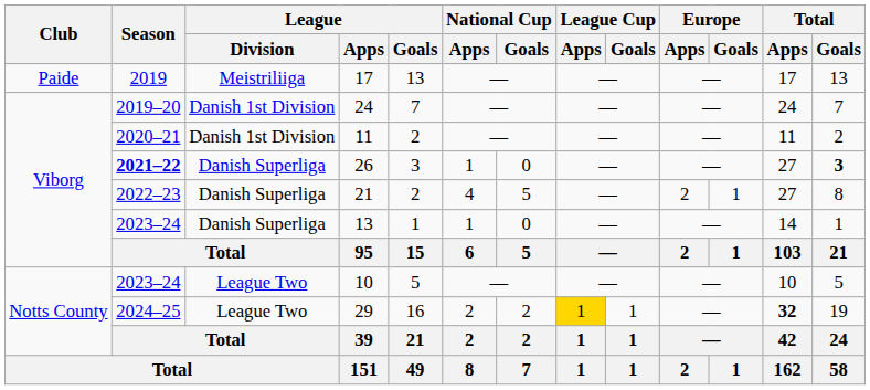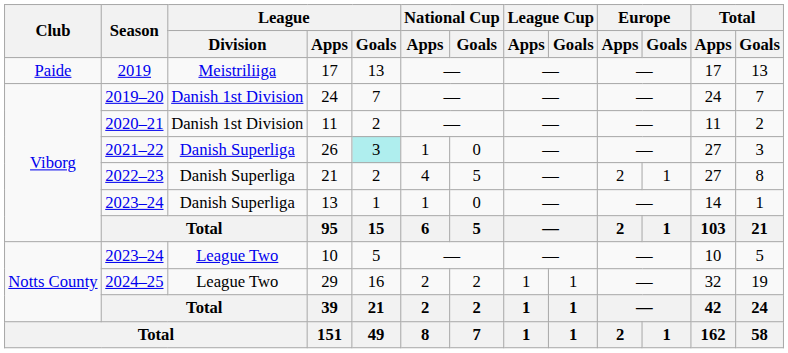 <table class="wikitable" style="text-align:center">
 <tr>
 <th rowspan="2">Club</th>
 <th rowspan="2">Season</th>
 <th colspan="3">League</th>
 <th colspan="2">National Cup</th>
 <th colspan="2">League Cup</th>
 <th colspan="2">Europe</th>
 <th colspan="2">Total</th>
 </tr>
 <tr>
 <th>Division</th>
 <th>Apps</th>
 <th>Goals</th>
 <th>Apps</th>
 <th>Goals</th>
 <th>Apps</th>
 <th>Goals</th>
 <th>Apps</th>
 <th>Goals</th>
 <th>Apps</th>
 <th>Goals</th>
 </tr>
 <tr>
 <td><a href='#'>Paide</a></td>
 <td><a href='#'>2019</a></td>
 <td><a href='#'>Meistriliiga</a></td>
 <td>17</td>
 <td>13</td>
 <td colspan="2">—</td>
 <td colspan="2">—</td>
 <td colspan="2">—</td>
 <td>17</td>
 <td>13</td>
 </tr>
 <tr>
 <td rowspan="6"><a href='#'>Viborg</a></td>
 <td><a href='#'>2019–20</a></td>
 <td><a href='#'>Danish 1st Division</a></td>
 <td>24</td>
 <td>7</td>
 <td colspan="2">—</td>
 <td colspan="2">—</td>
 <td colspan="2">—</td>
 <td>24</td>
 <td>7</td>
 </tr>
 <tr>
 <td><a href='#'>2020–21</a></td>
 <td>Danish 1st Division</td>
 <td>11</td>
 <td>2</td>
 <td colspan="2">—</td>
 <td colspan="2">—</td>
 <td colspan="2">—</td>
 <td>11</td>
 <td>2</td>
 </tr>
 <tr>
-<td><strong><a href='#'>2021–22</a></strong></td>
+<td><a href='#'>2021–22</a></td>
 <td><a href='#'>Danish Superliga</a></td>
 <td>26</td>
-<td>3</td>
+<td style="background: paleturquoise;">3</td>
 <td>1</td>
 <td>0</td>
 <td colspan="2">—</td>
 <td colspan="2">—</td>
 <td>27</td>
-<td><strong>3</strong></td>
+<td>3</td>
 </tr>
 <tr>
 <td><a href='#'>2022–23</a></td>
 <td>Danish Superliga</td>
 <td>21</td>
 <td>2</td>
 <td>4</td>
 <td>5</td>
 <td colspan="2">—</td>
 <td>2</td>
 <td>1</td>
 <td>27</td>
 <td>8</td>
 </tr>
 <tr>
 <td><a href='#'>2023–24</a></td>
 <td>Danish Superliga</td>
 <td>13</td>
 <td>1</td>
 <td>1</td>
 <td>0</td>
 <td colspan="2">—</td>
 <td colspan="2">—</td>
 <td>14</td>
 <td>1</td>
 </tr>
 <tr>
 <th colspan="2">Total</th>
 <th>95</th>
 <th>15</th>
 <th>6</th>
 <th>5</th>
 <th colspan="2">—</th>
 <th>2</th>
 <th>1</th>
 <th>103</th>
 <th>21</th>
 </tr>
 <tr>
 <td rowspan="3"><a href='#'>Notts County</a></td>
 <td><a href='#'>2023–24</a></td>
 <td><a href='#'>League Two</a></td>
 <td>10</td>
 <td>5</td>
 <td colspan="2">—</td>
 <td colspan="2">—</td>
 <td colspan="2">—</td>
 <td>10</td>
 <td>5</td>
 </tr>
 <tr>
 <td><a href='#'>2024–25</a></td>
 <td>League Two</td>
 <td>29</td>
 <td>16</td>
 <td>2</td>
 <td>2</td>
-<td style="background: gold;">1</td>
+<td>1</td>
 <td>1</td>
 <td colspan="2">—</td>
-<td><strong>32</strong></td>
+<td>32</td>
 <td>19</td>
 </tr>
 <tr>
 <th colspan="2">Total</th>
 <th>39</th>
 <th>21</th>
 <th>2</th>
 <th>2</th>
 <th>1</th>
 <th>1</th>
 <th colspan="2">—</th>
 <th>42</th>
 <th>24</th>
 </tr>
 <tr>
 <th colspan="3">Total</th>
 <th>151</th>
 <th>49</th>
 <th>8</th>
 <th>7</th>
 <th>1</th>
 <th>1</th>
 <th>2</th>
 <th>1</th>
 <th>162</th>
 <th>58</th>
 </tr>
 </table>
